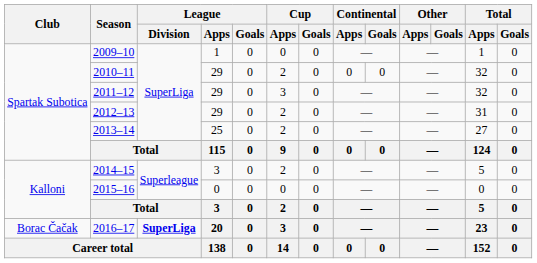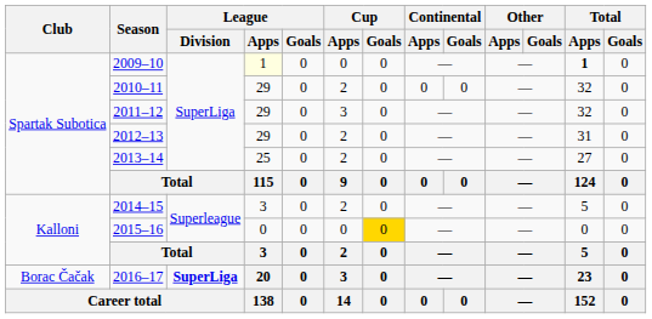 <table class="wikitable" style="text-align: center;font-size:90%">
 <tr>
 <th rowspan="2">Club</th>
 <th rowspan="2">Season</th>
 <th colspan="3">League</th>
 <th colspan="2">Cup</th>
 <th colspan="2">Continental</th>
 <th colspan="2">Other</th>
 <th colspan="2">Total</th>
 </tr>
 <tr>
 <th>Division</th>
 <th>Apps</th>
 <th>Goals</th>
 <th>Apps</th>
 <th>Goals</th>
 <th>Apps</th>
 <th>Goals</th>
 <th>Apps</th>
 <th>Goals</th>
 <th>Apps</th>
 <th>Goals</th>
 </tr>
 <tr>
 <td rowspan="6" valign="center"><a href='#'>Spartak Subotica</a></td>
 <td><a href='#'>2009–10</a></td>
 <td rowspan="5"><a href='#'>SuperLiga</a></td>
-<td>1</td>
+<td style="background: lightyellow;">1</td>
 <td>0</td>
 <td>0</td>
 <td>0</td>
 <td colspan="2">—</td>
 <td colspan="2">—</td>
-<td>1</td>
+<td><strong>1</strong></td>
 <td>0</td>
 </tr>
 <tr>
 <td><a href='#'>2010–11</a></td>
 <td>29</td>
 <td>0</td>
 <td>2</td>
 <td>0</td>
 <td>0</td>
 <td>0</td>
 <td colspan="2">—</td>
 <td>32</td>
 <td>0</td>
 </tr>
 <tr>
 <td><a href='#'>2011–12</a></td>
 <td>29</td>
 <td>0</td>
 <td>3</td>
 <td>0</td>
 <td colspan="2">—</td>
 <td colspan="2">—</td>
 <td>32</td>
 <td>0</td>
 </tr>
 <tr>
 <td><a href='#'>2012–13</a></td>
 <td>29</td>
 <td>0</td>
 <td>2</td>
 <td>0</td>
 <td colspan="2">—</td>
 <td colspan="2">—</td>
 <td>31</td>
 <td>0</td>
 </tr>
 <tr>
 <td><a href='#'>2013–14</a></td>
 <td>25</td>
 <td>0</td>
 <td>2</td>
 <td>0</td>
 <td colspan="2">—</td>
 <td colspan="2">—</td>
 <td>27</td>
 <td>0</td>
 </tr>
 <tr>
 <th colspan="2">Total</th>
 <th>115</th>
 <th>0</th>
 <th>9</th>
 <th>0</th>
 <th>0</th>
 <th>0</th>
 <th colspan="2">—</th>
 <th>124</th>
 <th>0</th>
 </tr>
 <tr>
 <td rowspan="3" valign="center"><a href='#'>Kalloni</a></td>
 <td><a href='#'>2014–15</a></td>
 <td rowspan="2"><a href='#'>Superleague</a></td>
 <td>3</td>
 <td>0</td>
 <td>2</td>
 <td>0</td>
 <td colspan="2">—</td>
 <td colspan="2">—</td>
 <td>5</td>
 <td>0</td>
 </tr>
 <tr>
 <td><a href='#'>2015–16</a></td>
 <td>0</td>
 <td>0</td>
 <td>0</td>
-<td>0</td>
+<td style="background: gold;">0</td>
 <td colspan="2">—</td>
 <td colspan="2">—</td>
 <td>0</td>
 <td>0</td>
 </tr>
 <tr>
 <th colspan="2">Total</th>
 <th>3</th>
 <th>0</th>
 <th>2</th>
 <th>0</th>
 <th colspan="2">—</th>
 <th colspan="2">—</th>
 <th>5</th>
 <th>0</th>
 </tr>
 <tr>
 <td><a href='#'>Borac Čačak</a></td>
 <td><a href='#'>2016–17</a></td>
 <td><strong><a href='#'>SuperLiga</a></strong></td>
 <th>20</th>
 <th>0</th>
 <th>3</th>
 <th>0</th>
 <th colspan="2">—</th>
 <th colspan="2">—</th>
 <th>23</th>
 <th>0</th>
 </tr>
 <tr>
 <th colspan="3">Career total</th>
 <th>138</th>
 <th>0</th>
 <th>14</th>
 <th>0</th>
 <th>0</th>
 <th>0</th>
 <th colspan="2">—</th>
 <th>152</th>
 <th>0</th>
 </tr>
 </table>
